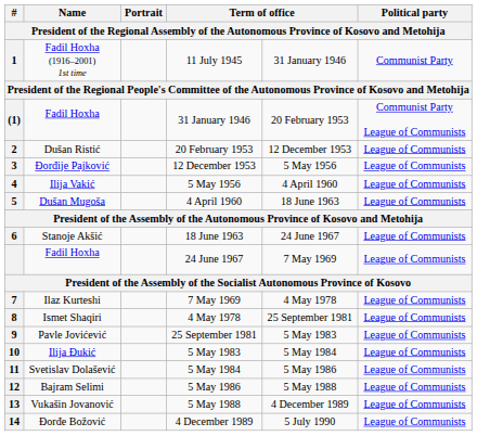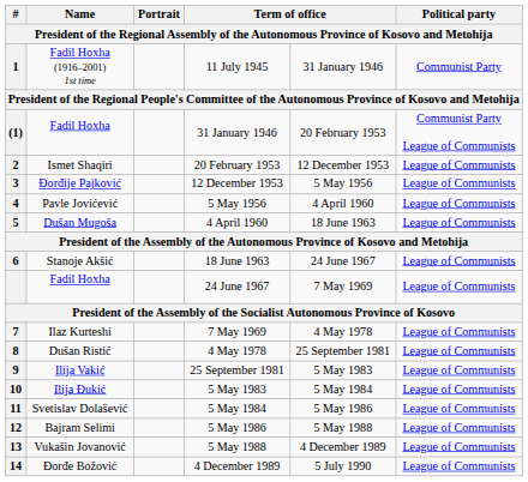 <table class="wikitable" style="text-align:center">
 <tr>
 <th>#</th>
 <th>Name<br></th>
 <th>Portrait</th>
 <th colspan="2">Term of office</th>
 <th>Political party</th>
 </tr>
 <tr>
 <th colspan="6">President of the Regional Assembly of the Autonomous Province of Kosovo and Metohija</th>
 </tr>
 <tr>
 <th style="background:">1</th>
 <td><a href='#'>Fadil Hoxha</a><br><small>(1916–2001)<br><em>1st time</em></small></td>
 <td></td>
 <td>11 July 1945</td>
 <td>31 January 1946</td>
 <td><a href='#'>Communist Party</a></td>
 </tr>
 <tr>
 <th colspan="6">President of the Regional People's Committee of the Autonomous Province of Kosovo and Metohija</th>
 </tr>
 <tr>
 <th style="background:">(1)</th>
 <td><a href='#'>Fadil Hoxha</a><br><br></td>
 <td></td>
 <td>31 January 1946</td>
 <td>20 February 1953</td>
 <td><a href='#'>Communist Party<br><br>League of Communists</a></td>
 </tr>
 <tr>
 <th style="background:">2</th>
-<td>Dušan Ristić<br></td>
+<td>Ismet Shaqiri<br></td>
 <td></td>
 <td>20 February 1953</td>
 <td>12 December 1953</td>
 <td><a href='#'>League of Communists</a></td>
 </tr>
 <tr>
 <th style="background:">3</th>
 <td><a href='#'>Đorđije Pajković</a><br></td>
 <td></td>
 <td>12 December 1953</td>
 <td>5 May 1956</td>
 <td><a href='#'>League of Communists</a></td>
 </tr>
 <tr>
 <th style="background:">4</th>
-<td><a href='#'>Ilija Vakić</a><br></td>
+<td>Pavle Jovićević<br></td>
 <td></td>
 <td>5 May 1956</td>
 <td>4 April 1960</td>
 <td><a href='#'>League of Communists</a></td>
 </tr>
 <tr>
 <th style="background:">5</th>
 <td><a href='#'>Dušan Mugoša</a><br></td>
 <td></td>
 <td>4 April 1960</td>
 <td>18 June 1963</td>
 <td><a href='#'>League of Communists</a></td>
 </tr>
 <tr>
 <th colspan="6">President of the Assembly of the Autonomous Province of Kosovo and Metohija</th>
 </tr>
 <tr>
 <th style="background:">6</th>
 <td>Stanoje Akšić<br></td>
 <td></td>
 <td>18 June 1963</td>
 <td>24 June 1967</td>
 <td><a href='#'>League of Communists</a></td>
 </tr>
 <tr>
 <th style="background:"></th>
 <td><a href='#'>Fadil Hoxha</a><br><br></td>
 <td></td>
 <td>24 June 1967</td>
 <td>7 May 1969</td>
 <td><a href='#'>League of Communists</a></td>
 </tr>
 <tr>
 <th colspan="6">President of the Assembly of the Socialist Autonomous Province of Kosovo</th>
 </tr>
 <tr>
 <th style="background:">7</th>
 <td>Ilaz Kurteshi<br></td>
 <td></td>
 <td>7 May 1969</td>
 <td>4 May 1978</td>
 <td><a href='#'>League of Communists</a></td>
 </tr>
 <tr>
 <th style="background:">8</th>
-<td>Ismet Shaqiri<br></td>
+<td>Dušan Ristić<br></td>
 <td></td>
 <td>4 May 1978</td>
 <td>25 September 1981</td>
 <td><a href='#'>League of Communists</a></td>
 </tr>
 <tr>
 <th style="background:">9</th>
-<td>Pavle Jovićević<br></td>
+<td><a href='#'>Ilija Vakić</a><br></td>
 <td></td>
 <td>25 September 1981</td>
 <td>5 May 1983</td>
 <td><a href='#'>League of Communists</a></td>
 </tr>
 <tr>
 <th style="background:">10</th>
 <td><a href='#'>Ilija Đukić</a><br></td>
 <td></td>
 <td>5 May 1983</td>
 <td>5 May 1984</td>
 <td><a href='#'>League of Communists</a></td>
 </tr>
 <tr>
 <th style="background:">11</th>
 <td>Svetislav Dolašević<br></td>
 <td></td>
 <td>5 May 1984</td>
 <td>5 May 1986</td>
 <td><a href='#'>League of Communists</a></td>
 </tr>
 <tr>
 <th style="background:">12</th>
 <td>Bajram Selimi</td>
 <td></td>
 <td>5 May 1986</td>
 <td>5 May 1988</td>
 <td><a href='#'>League of Communists</a></td>
 </tr>
 <tr>
 <th style="background:">13</th>
 <td>Vukašin Jovanović<br></td>
 <td></td>
 <td>5 May 1988</td>
 <td>4 December 1989</td>
 <td><a href='#'>League of Communists</a></td>
 </tr>
 <tr>
 <th style="background:">14</th>
 <td>Đorđe Božović</td>
 <td></td>
 <td>4 December 1989</td>
 <td>5 July 1990</td>
 <td><a href='#'>League of Communists</a></td>
 </tr>
 </table>
